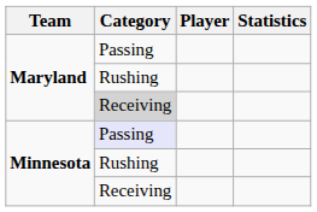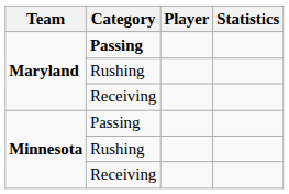 <table class="wikitable" style="float: right;">
 <tr>
 <th>Team</th>
 <th>Category</th>
 <th>Player</th>
 <th>Statistics</th>
 </tr>
 <tr>
 <td rowspan=3><strong>Maryland</strong></td>
-<td>Passing</td>
+<td><strong>Passing</strong></td>
 <td></td>
 <td></td>
 </tr>
 <tr>
 <td>Rushing</td>
 <td></td>
 <td></td>
 </tr>
 <tr>
-<td style="background: lightgrey;">Receiving</td>
+<td>Receiving</td>
 <td></td>
 <td></td>
 </tr>
 <tr>
 <td rowspan=3><strong>Minnesota</strong></td>
-<td style="background: lavender;">Passing</td>
+<td>Passing</td>
 <td></td>
 <td></td>
 </tr>
 <tr>
 <td>Rushing</td>
 <td></td>
 <td></td>
 </tr>
 <tr>
 <td>Receiving</td>
 <td></td>
 <td></td>
 </tr>
 </table>
